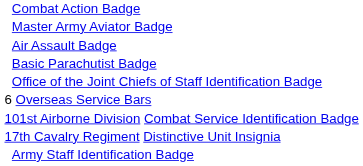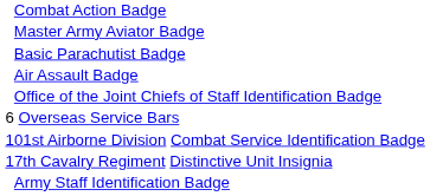 <table>
 <tr>
 <td>  <a href='#'>Combat Action Badge</a></td>
 </tr>
 <tr>
 <td>  <a href='#'>Master Army Aviator Badge</a></td>
 </tr>
 <tr>
-<td>  <a href='#'>Air Assault Badge</a></td>
+<td>  <a href='#'>Basic Parachutist Badge</a></td>
 </tr>
 <tr>
-<td>  <a href='#'>Basic Parachutist Badge</a></td>
+<td>  <a href='#'>Air Assault Badge</a></td>
 </tr>
 <tr>
 <td>  <a href='#'>Office of the Joint Chiefs of Staff Identification Badge</a></td>
 </tr>
 <tr>
 <td> 6 <a href='#'>Overseas Service Bars</a></td>
 </tr>
 <tr>
 <td> <a href='#'>101st Airborne Division</a> <a href='#'>Combat Service Identification Badge</a></td>
 </tr>
 <tr>
 <td> <a href='#'>17th Cavalry Regiment</a> <a href='#'>Distinctive Unit Insignia</a></td>
 </tr>
 <tr>
 <td>  <a href='#'>Army Staff Identification Badge</a></td>
 </tr>
 </table>
